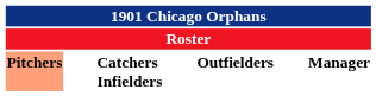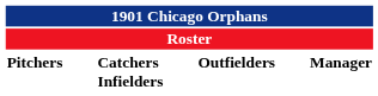 <table class="toccolours" style="font-size: 95%;">
 <tr>
 <th colspan="10" style="background-color: #0e3386; color: white; text-align: center;">1901 Chicago Orphans</th>
 </tr>
 <tr>
 <td colspan="10" style="background-color: #EE1422; color: white; text-align: center;"><strong>Roster</strong></td>
 </tr>
 <tr>
-<td valign="top" style="background: lightsalmon;"><strong>Pitchers</strong><br>     </td>
+<td valign="top"><strong>Pitchers</strong><br>     </td>
 <td width="25px"></td>
 <td valign="top"><strong>Catchers</strong><br>  <strong>Infielders</strong>          </td>
 <td width="25px"></td>
 <td valign="top"><strong>Outfielders</strong><br>      </td>
 <td width="25px"></td>
 <td valign="top"><strong>Manager</strong><br></td>
 </tr>
 <tr>
 </tr>
 </table>
